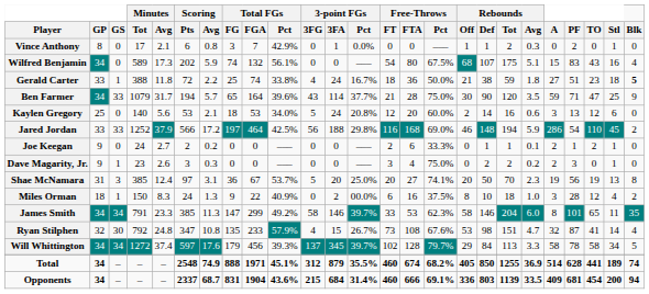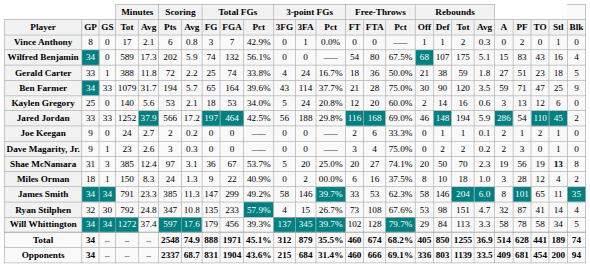 <table class="wikitable sortable" border="1" style="text-align: center;font-size:90%;">
 <tr>
 <th colspan="3" style="border-top-style:hidden; border-left-style:hidden; background: white;"></th>
 <th colspan="2" style=>Minutes</th>
 <th colspan="2" style=>Scoring</th>
 <th colspan="3" style=>Total FGs</th>
 <th colspan="3" style=>3-point FGs</th>
 <th colspan="3" style=>Free-Throws</th>
 <th colspan="4" style=>Rebounds</th>
 <th colspan="4" style="border-top-style:hidden; border-right-style:hidden; background: white;"></th>
 </tr>
 <tr>
 <th scope="col" style=>Player</th>
 <th scope="col" style=>GP</th>
 <th scope="col" style=>GS</th>
 <th scope="col" style=>Tot</th>
 <th scope="col" style=>Avg</th>
 <th scope="col" style=>Pts</th>
 <th scope="col" style=>Avg</th>
 <th scope="col" style=>FG</th>
 <th scope="col" style=>FGA</th>
 <th scope="col" style=>Pct</th>
 <th scope="col" style=>3FG</th>
 <th scope="col" style=>3FA</th>
 <th scope="col" style=>Pct</th>
 <th scope="col" style=>FT</th>
 <th scope="col" style=>FTA</th>
 <th scope="col" style=>Pct</th>
 <th scope="col" style=>Off</th>
 <th scope="col" style=>Def</th>
 <th scope="col" style=>Tot</th>
 <th scope="col" style=>Avg</th>
 <th scope="col" style=>A</th>
 <th scope="col">PF</th>
 <th scope="col">TO</th>
 <th scope="col" style=>Stl</th>
 <th scope="col" style=>Blk</th>
 </tr>
 <tr>
 <th style=white-space:nowrap>Vince Anthony</th>
 <td>8</td>
 <td>0</td>
 <td>17</td>
 <td>2.1</td>
 <td>6</td>
 <td>0.8</td>
 <td>3</td>
 <td>7</td>
 <td>42.9%</td>
 <td>0</td>
 <td>1</td>
 <td>0.0%</td>
 <td>0</td>
 <td>0</td>
 <td>–––</td>
 <td>1</td>
 <td>1</td>
 <td>2</td>
 <td>0.3</td>
 <td>0</td>
 <td>2</td>
 <td>0</td>
 <td>1</td>
 <td>0</td>
 </tr>
 <tr>
 <th style=white-space:nowrap>Wilfred Benjamin</th>
 <td style="background:#008080; color:#ffffff">34</td>
 <td>0</td>
 <td>589</td>
 <td>17.3</td>
 <td>202</td>
 <td>5.9</td>
 <td>74</td>
 <td>132</td>
 <td>56.1%</td>
 <td>0</td>
 <td>0</td>
 <td>–––</td>
 <td>54</td>
 <td>80</td>
 <td>67.5%</td>
 <td style="background:#008080; color:#ffffff">68</td>
 <td>107</td>
 <td>175</td>
 <td>5.1</td>
 <td>15</td>
 <td>83</td>
 <td>43</td>
 <td>16</td>
 <td>4</td>
 </tr>
 <tr>
 <th style=white-space:nowrap>Gerald Carter</th>
 <td>33</td>
 <td>1</td>
 <td>388</td>
 <td>11.8</td>
 <td>72</td>
 <td>2.2</td>
 <td>25</td>
 <td>74</td>
 <td>33.8%</td>
 <td>4</td>
 <td>24</td>
 <td>16.7%</td>
 <td>18</td>
 <td>36</td>
 <td>50.0%</td>
 <td>21</td>
 <td>38</td>
 <td>59</td>
 <td>1.8</td>
 <td>27</td>
 <td>51</td>
 <td>23</td>
 <td>18</td>
-<td><strong>5</strong></td>
+<td>5</td>
 </tr>
 <tr>
 <th style=white-space:nowrap>Ben Farmer</th>
 <td style="background:#008080; color:#ffffff">34</td>
 <td>33</td>
 <td>1079</td>
 <td>31.7</td>
 <td>194</td>
 <td>5.7</td>
 <td>65</td>
 <td>164</td>
 <td>39.6%</td>
 <td>43</td>
 <td>114</td>
 <td>37.7%</td>
 <td>21</td>
 <td>28</td>
 <td>75.0%</td>
 <td>30</td>
 <td>90</td>
 <td>120</td>
 <td>3.5</td>
 <td>59</td>
 <td>71</td>
 <td>47</td>
 <td>25</td>
 <td>9</td>
 </tr>
 <tr>
 <th style=white-space:nowrap>Kaylen Gregory</th>
 <td>25</td>
 <td>0</td>
 <td>140</td>
 <td>5.6</td>
 <td>53</td>
 <td>2.1</td>
 <td>18</td>
 <td>53</td>
 <td>34.0%</td>
 <td>5</td>
 <td>24</td>
 <td>20.8%</td>
 <td>12</td>
 <td>20</td>
 <td>60.0%</td>
 <td>2</td>
 <td>14</td>
 <td>16</td>
 <td>0.6</td>
 <td>3</td>
 <td>13</td>
 <td>12</td>
 <td>6</td>
 <td>0</td>
 </tr>
 <tr>
 <th style=white-space:nowrap>Jared Jordan</th>
 <td>33</td>
 <td>33</td>
 <td>1252</td>
 <td style="background:#008080; color:#ffffff">37.9</td>
 <td>566</td>
 <td>17.2</td>
 <td style="background:#008080; color:#ffffff">197</td>
 <td style="background:#008080; color:#ffffff">464</td>
 <td>42.5%</td>
 <td>56</td>
 <td>188</td>
 <td>29.8%</td>
 <td style="background:#008080; color:#ffffff">116</td>
 <td style="background:#008080; color:#ffffff">168</td>
 <td>69.0%</td>
 <td>46</td>
 <td style="background:#008080; color:#ffffff">148</td>
 <td>194</td>
 <td>5.9</td>
 <td style="background:#008080; color:#ffffff">286</td>
 <td>54</td>
 <td style="background:#008080; color:#ffffff">110</td>
 <td style="background:#008080; color:#ffffff">45</td>
 <td>2</td>
 </tr>
 <tr>
 <th style=white-space:nowrap>Joe Keegan</th>
 <td>9</td>
 <td>0</td>
 <td>24</td>
 <td>2.7</td>
 <td>2</td>
 <td>0.2</td>
 <td>0</td>
 <td>0</td>
 <td>–––</td>
 <td>0</td>
 <td>0</td>
 <td>–––</td>
 <td>2</td>
 <td>6</td>
 <td>33.3%</td>
 <td>0</td>
 <td>1</td>
 <td>1</td>
 <td>0.1</td>
 <td>2</td>
 <td>1</td>
 <td>2</td>
 <td>1</td>
 <td>0</td>
 </tr>
 <tr>
 <th style=white-space:nowrap>Dave Magarity, Jr.</th>
 <td>9</td>
 <td>1</td>
 <td>23</td>
 <td>2.6</td>
 <td>3</td>
 <td>0.3</td>
 <td>0</td>
 <td>0</td>
 <td>–––</td>
 <td>0</td>
 <td>0</td>
 <td>–––</td>
 <td>3</td>
 <td>4</td>
 <td>75.0%</td>
 <td>0</td>
 <td>2</td>
 <td>2</td>
 <td>0.2</td>
 <td>2</td>
 <td>3</td>
 <td>0</td>
 <td>1</td>
 <td>0</td>
 </tr>
 <tr>
 <th style=white-space:nowrap>Shae McNamara</th>
 <td>31</td>
 <td>3</td>
 <td>385</td>
 <td>12.4</td>
 <td>97</td>
 <td>3.1</td>
 <td>36</td>
 <td>67</td>
 <td>53.7%</td>
 <td>5</td>
 <td>20</td>
 <td>25.0%</td>
 <td>20</td>
 <td>27</td>
 <td>74.1%</td>
 <td>20</td>
 <td>50</td>
 <td>70</td>
 <td>2.3</td>
 <td>19</td>
 <td>56</td>
 <td>19</td>
-<td>13</td>
+<td><strong>13</strong></td>
 <td>8</td>
 </tr>
 <tr>
 <th style=white-space:nowrap>Miles Orman</th>
 <td>18</td>
 <td>1</td>
 <td>150</td>
 <td>8.3</td>
 <td>24</td>
 <td>1.3</td>
 <td>9</td>
 <td>22</td>
 <td>40.9%</td>
 <td>0</td>
 <td>2</td>
 <td>00.0%</td>
 <td>6</td>
 <td>16</td>
 <td>37.5%</td>
 <td>8</td>
 <td>10</td>
 <td>18</td>
 <td>1.0</td>
 <td>3</td>
 <td>28</td>
 <td>12</td>
 <td>4</td>
 <td>2</td>
 </tr>
 <tr>
 <th style=white-space:nowrap>James Smith</th>
 <td style="background:#008080; color:#ffffff">34</td>
 <td style="background:#008080; color:#ffffff">34</td>
 <td>791</td>
 <td>23.3</td>
 <td>385</td>
 <td>11.3</td>
 <td>147</td>
 <td>299</td>
 <td>49.2%</td>
 <td>58</td>
 <td>146</td>
 <td style="background:#008080; color:#ffffff">39.7%</td>
 <td>33</td>
 <td>53</td>
 <td>62.3%</td>
 <td>58</td>
 <td>146</td>
 <td style="background:#008080; color:#ffffff">204</td>
 <td style="background:#008080; color:#ffffff">6.0</td>
 <td>8</td>
 <td style="background:#008080; color:#ffffff">101</td>
 <td>65</td>
 <td>11</td>
 <td style="background:#008080; color:#ffffff">35</td>
 </tr>
 <tr>
 <th style=white-space:nowrap>Ryan Stilphen</th>
 <td>32</td>
 <td>30</td>
 <td>792</td>
 <td>24.8</td>
 <td>347</td>
 <td>10.8</td>
 <td>135</td>
 <td>233</td>
 <td style="background:#008080; color:#ffffff">57.9%</td>
 <td>4</td>
 <td>15</td>
 <td>26.7%</td>
 <td>73</td>
 <td>108</td>
 <td>67.6%</td>
 <td>53</td>
 <td>98</td>
 <td>151</td>
 <td>4.7</td>
 <td>32</td>
 <td>87</td>
 <td>41</td>
 <td>14</td>
 <td>4</td>
 </tr>
 <tr>
 <th style=white-space:nowrap>Will Whittington</th>
 <td style="background:#008080; color:#ffffff">34</td>
 <td style="background:#008080; color:#ffffff">34</td>
 <td style="background:#008080; color:#ffffff">1272</td>
 <td>37.4</td>
 <td style="background:#008080; color:#ffffff">597</td>
 <td style="background:#008080; color:#ffffff">17.6</td>
 <td>179</td>
 <td>456</td>
 <td>39.3%</td>
 <td style="background:#008080; color:#ffffff">137</td>
 <td style="background:#008080; color:#ffffff">345</td>
 <td style="background:#008080; color:#ffffff">39.7%</td>
 <td>102</td>
 <td>128</td>
 <td style="background:#008080; color:#ffffff">79.7%</td>
 <td>29</td>
 <td>84</td>
 <td>113</td>
 <td>3.3</td>
 <td>58</td>
 <td>78</td>
 <td>58</td>
 <td>34</td>
 <td>5</td>
 </tr>
 <tr>
 </tr>
 <tr class="sortbottom">
 <td style=><strong>Total</strong></td>
 <td style=><strong>34</strong></td>
 <td style=>–</td>
 <td style=>–</td>
 <td style=>–</td>
 <td style=><strong>2548</strong></td>
 <td style=><strong>74.9</strong></td>
 <td style=><strong>888</strong></td>
 <td style=><strong>1971</strong></td>
 <td style=><strong>45.1%</strong></td>
 <td style=><strong>312</strong></td>
 <td style=><strong>879</strong></td>
 <td style=><strong>35.5%</strong></td>
 <td style=><strong>460</strong></td>
 <td style=><strong>674</strong></td>
 <td style=><strong>68.2%</strong></td>
 <td style=><strong>405</strong></td>
 <td style=><strong>850</strong></td>
 <td style=><strong>1255</strong></td>
 <td style=><strong>36.9</strong></td>
 <td style=><strong>514</strong></td>
 <td style=><strong>628</strong></td>
 <td><strong>441</strong></td>
 <td><strong>189</strong></td>
 <td><strong>74</strong></td>
 </tr>
 <tr class="sortbottom">
 <td><strong>Opponents</strong></td>
 <td><strong>34</strong></td>
 <td>–</td>
 <td>–</td>
 <td>–</td>
 <td><strong>2337</strong></td>
 <td><strong>68.7</strong></td>
 <td><strong>831</strong></td>
 <td><strong>1904</strong></td>
 <td><strong>43.6%</strong></td>
 <td><strong>215</strong></td>
 <td><strong>684</strong></td>
 <td><strong>31.4%</strong></td>
 <td><strong>460</strong></td>
 <td><strong>666</strong></td>
 <td><strong>69.1%</strong></td>
 <td><strong>336</strong></td>
 <td><strong>803</strong></td>
 <td><strong>1139</strong></td>
 <td><strong>33.5</strong></td>
 <td><strong>409</strong></td>
 <td><strong>681</strong></td>
 <td><strong>454</strong></td>
 <td><strong>200</strong></td>
 <td><strong>94</strong></td>
 </tr>
 </table>
